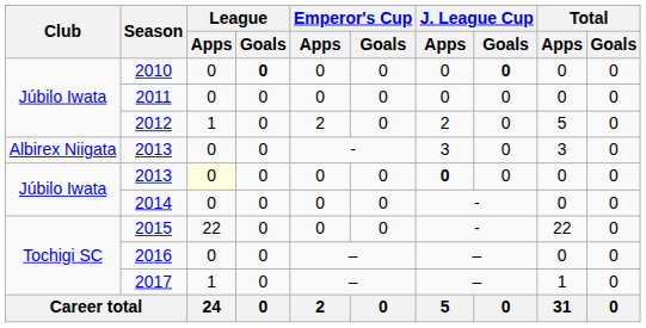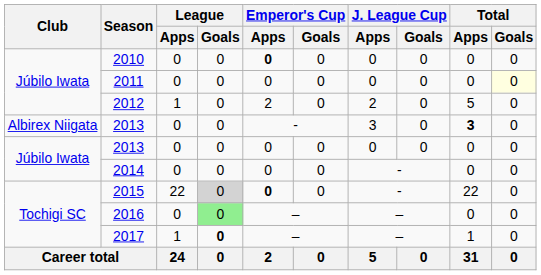 <table class="wikitable" style="text-align:center;">
 <tr>
 <th rowspan="2">Club</th>
 <th rowspan="2">Season</th>
 <th colspan="2">League</th>
 <th colspan="2"><a href='#'>Emperor's Cup</a></th>
 <th colspan="2"><a href='#'>J. League Cup</a></th>
 <th colspan="2">Total</th>
 </tr>
 <tr>
 <th>Apps</th>
 <th>Goals</th>
 <th>Apps</th>
 <th>Goals</th>
 <th>Apps</th>
 <th>Goals</th>
 <th>Apps</th>
 <th>Goals</th>
 </tr>
 <tr>
 <td rowspan="3"><a href='#'>Júbilo Iwata</a></td>
 <td><a href='#'>2010</a></td>
 <td>0</td>
+<td>0</td>
 <td><strong>0</strong></td>
 <td>0</td>
 <td>0</td>
 <td>0</td>
-<td><strong>0</strong></td>
 <td>0</td>
 <td>0</td>
 </tr>
 <tr>
 <td><a href='#'>2011</a></td>
 <td>0</td>
 <td>0</td>
 <td>0</td>
 <td>0</td>
 <td>0</td>
 <td>0</td>
 <td>0</td>
-<td>0</td>
+<td style="background: lightyellow;">0</td>
 </tr>
 <tr>
 <td><a href='#'>2012</a></td>
 <td>1</td>
 <td>0</td>
 <td>2</td>
 <td>0</td>
 <td>2</td>
 <td>0</td>
 <td>5</td>
 <td>0</td>
 </tr>
 <tr>
 <td><a href='#'>Albirex Niigata</a></td>
 <td><a href='#'>2013</a></td>
 <td>0</td>
 <td>0</td>
 <td colspan="2">-</td>
 <td>3</td>
 <td>0</td>
-<td>3</td>
+<td><strong>3</strong></td>
 <td>0</td>
 </tr>
 <tr>
 <td rowspan="2"><a href='#'>Júbilo Iwata</a></td>
 <td><a href='#'>2013</a></td>
-<td style="background: lightyellow;">0</td>
 <td>0</td>
 <td>0</td>
 <td>0</td>
-<td><strong>0</strong></td>
+<td>0</td>
+<td>0</td>
 <td>0</td>
 <td>0</td>
 <td>0</td>
 </tr>
 <tr>
 <td><a href='#'>2014</a></td>
 <td>0</td>
 <td>0</td>
 <td>0</td>
 <td>0</td>
 <td colspan="2">-</td>
 <td>0</td>
 <td>0</td>
 </tr>
 <tr>
 <td rowspan="3"><a href='#'>Tochigi SC</a></td>
 <td><a href='#'>2015</a></td>
 <td>22</td>
-<td>0</td>
-<td>0</td>
+<td style="background: lightgrey;">0</td>
+<td><strong>0</strong></td>
 <td>0</td>
 <td colspan="2">-</td>
 <td>22</td>
 <td>0</td>
 </tr>
 <tr>
 <td><a href='#'>2016</a></td>
 <td>0</td>
-<td>0</td>
+<td style="background: lightgreen;">0</td>
 <td colspan="2">–</td>
 <td colspan="2">–</td>
 <td>0</td>
 <td>0</td>
 </tr>
 <tr>
 <td><a href='#'>2017</a></td>
 <td>1</td>
-<td>0</td>
+<td><strong>0</strong></td>
 <td colspan="2">–</td>
 <td colspan="2">–</td>
 <td>1</td>
 <td>0</td>
 </tr>
 <tr>
 <th colspan="2">Career total</th>
 <th>24</th>
 <th>0</th>
 <th>2</th>
 <th>0</th>
 <th>5</th>
 <th>0</th>
 <th>31</th>
 <th>0</th>
 </tr>
 </table>
